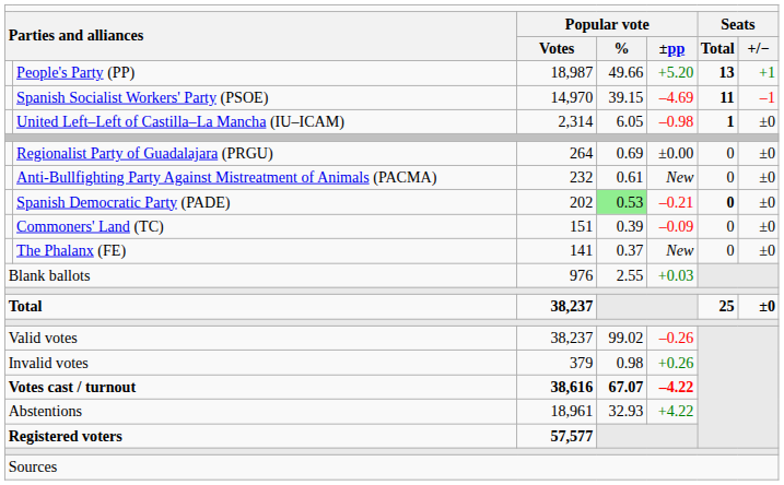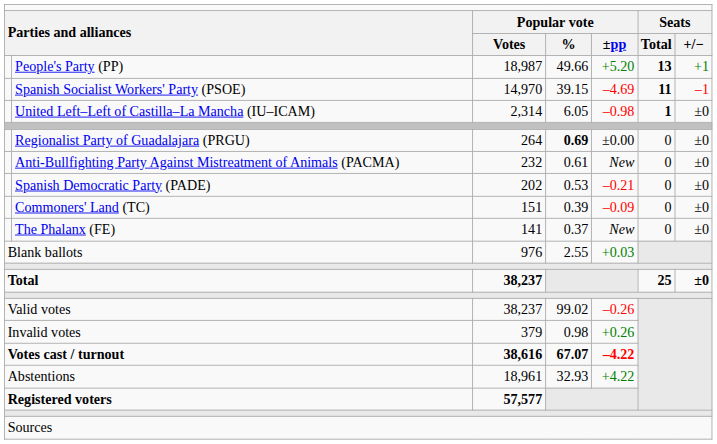 <table class="wikitable" style="text-align:right;">
 <tr>
 <td colspan="7"></td>
 </tr>
 <tr>
 <th style="text-align:left;" rowspan="2" colspan="2" width="525">Parties and alliances</th>
 <th colspan="3">Popular vote</th>
 <th colspan="2">Seats</th>
 </tr>
 <tr>
 <th width="75">Votes</th>
 <th width="45">%</th>
 <th width="45">±<a href='#'>pp</a></th>
 <th width="35">Total</th>
 <th width="35">+/−</th>
 </tr>
 <tr>
 <td width="1" style="color:inherit;background:"></td>
 <td align="left"><a href='#'>People's Party</a> (PP)</td>
 <td>18,987</td>
 <td>49.66</td>
 <td style="color:green;">+5.20</td>
 <td><strong>13</strong></td>
 <td style="color:green;">+1</td>
 </tr>
 <tr>
 <td style="color:inherit;background:"></td>
 <td align="left"><a href='#'>Spanish Socialist Workers' Party</a> (PSOE)</td>
 <td>14,970</td>
 <td>39.15</td>
 <td style="color:red;">–4.69</td>
 <td><strong>11</strong></td>
 <td style="color:red;">–1</td>
 </tr>
 <tr>
 <td style="color:inherit;background:"></td>
 <td align="left"><a href='#'>United Left–Left of Castilla–La Mancha</a> (IU–ICAM)</td>
 <td>2,314</td>
 <td>6.05</td>
 <td style="color:red;">–0.98</td>
 <td><strong>1</strong></td>
 <td>±0</td>
 </tr>
 <tr>
 <td colspan="7" bgcolor="#C0C0C0"></td>
 </tr>
 <tr>
 <td style="color:inherit;background:"></td>
 <td align="left"><a href='#'>Regionalist Party of Guadalajara</a> (PRGU)</td>
 <td>264</td>
-<td>0.69</td>
+<td><strong>0.69</strong></td>
 <td>±0.00</td>
 <td>0</td>
 <td>±0</td>
 </tr>
 <tr>
 <td style="color:inherit;background:"></td>
 <td align="left"><a href='#'>Anti-Bullfighting Party Against Mistreatment of Animals</a> (PACMA)</td>
 <td>232</td>
 <td>0.61</td>
 <td><em>New</em></td>
 <td>0</td>
 <td>±0</td>
 </tr>
 <tr>
 <td style="color:inherit;background:"></td>
 <td align="left"><a href='#'>Spanish Democratic Party</a> (PADE)</td>
 <td>202</td>
-<td style="background: lightgreen;">0.53</td>
+<td>0.53</td>
 <td style="color:red;">–0.21</td>
-<td><strong>0</strong></td>
+<td>0</td>
 <td>±0</td>
 </tr>
 <tr>
 <td style="color:inherit;background:"></td>
 <td align="left"><a href='#'>Commoners' Land</a> (TC)</td>
 <td>151</td>
 <td>0.39</td>
 <td style="color:red;">–0.09</td>
 <td>0</td>
 <td>±0</td>
 </tr>
 <tr>
 <td style="color:inherit;background:"></td>
 <td align="left"><a href='#'>The Phalanx</a> (FE)</td>
 <td>141</td>
 <td>0.37</td>
 <td><em>New</em></td>
 <td>0</td>
 <td>±0</td>
 </tr>
 <tr>
 <td align="left" colspan="2">Blank ballots</td>
 <td>976</td>
 <td>2.55</td>
 <td style="color:green;">+0.03</td>
 <td bgcolor="#E9E9E9" colspan="2"></td>
 </tr>
 <tr>
 <td colspan="7" bgcolor="#E9E9E9"></td>
 </tr>
 <tr style="font-weight:bold;">
 <td align="left" colspan="2">Total</td>
 <td>38,237</td>
 <td bgcolor="#E9E9E9" colspan="2"></td>
 <td>25</td>
 <td>±0</td>
 </tr>
 <tr>
 <td colspan="7" bgcolor="#E9E9E9"></td>
 </tr>
 <tr>
 <td align="left" colspan="2">Valid votes</td>
 <td>38,237</td>
 <td>99.02</td>
 <td style="color:red;">–0.26</td>
 <td bgcolor="#E9E9E9" colspan="2" rowspan="5"></td>
 </tr>
 <tr>
 <td align="left" colspan="2">Invalid votes</td>
 <td>379</td>
 <td>0.98</td>
 <td style="color:green;">+0.26</td>
 </tr>
 <tr style="font-weight:bold;">
 <td align="left" colspan="2">Votes cast / turnout</td>
 <td>38,616</td>
 <td>67.07</td>
 <td style="color:red;">–4.22</td>
 </tr>
 <tr>
 <td align="left" colspan="2">Abstentions</td>
 <td>18,961</td>
 <td>32.93</td>
 <td style="color:green;">+4.22</td>
 </tr>
 <tr style="font-weight:bold;">
 <td align="left" colspan="2">Registered voters</td>
 <td>57,577</td>
 <td bgcolor="#E9E9E9" colspan="2"></td>
 </tr>
 <tr>
 <td colspan="7" bgcolor="#E9E9E9"></td>
 </tr>
 <tr>
 <td align="left" colspan="7">Sources</td>
 </tr>
 </table>
